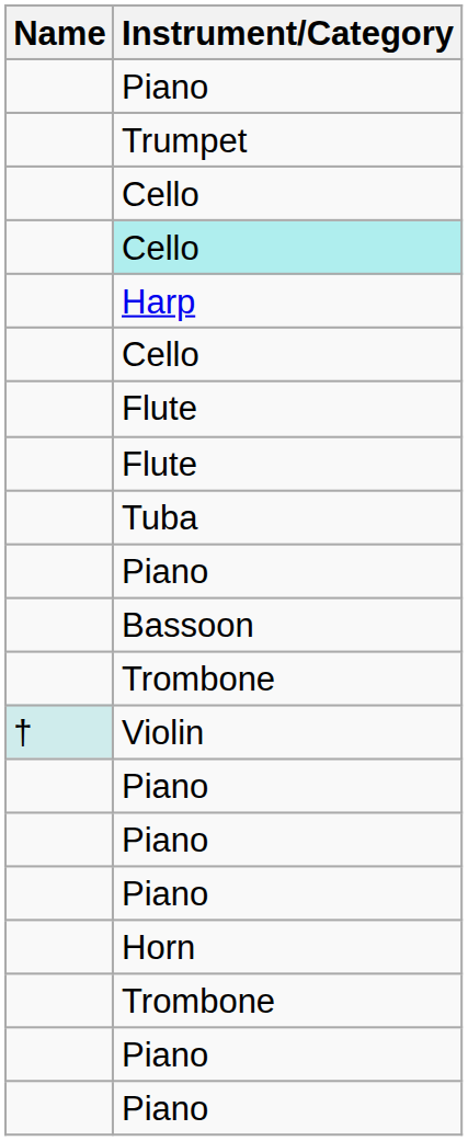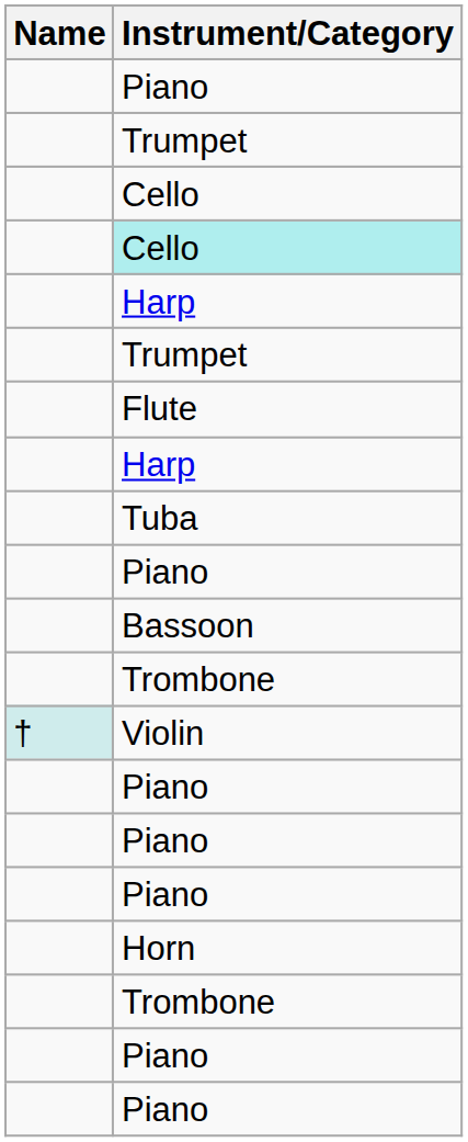 <table class="wikitable sortable" style="font-size: 95%">
 <tr>
 <th>Name</th>
 <th>Instrument/Category</th>
 </tr>
 <tr>
 <td></td>
 <td>Piano</td>
 </tr>
 <tr>
 <td></td>
 <td>Trumpet</td>
 </tr>
 <tr>
 <td></td>
 <td>Cello</td>
 </tr>
 <tr>
 <td></td>
 <td style="background: paleturquoise;">Cello</td>
 </tr>
 <tr>
 <td></td>
 <td><a href='#'>Harp</a></td>
 </tr>
 <tr>
 <td></td>
-<td>Cello</td>
+<td>Trumpet</td>
 </tr>
 <tr>
 <td></td>
 <td>Flute</td>
 </tr>
 <tr>
 <td></td>
-<td>Flute</td>
+<td><a href='#'>Harp</a></td>
 </tr>
 <tr>
 <td></td>
 <td>Tuba</td>
 </tr>
 <tr>
 <td></td>
 <td>Piano</td>
 </tr>
 <tr>
 <td></td>
 <td>Bassoon</td>
 </tr>
 <tr>
 <td></td>
 <td>Trombone</td>
 </tr>
 <tr>
 <td bgcolor="#CFECEC"><strong></strong>†</td>
 <td>Violin</td>
 </tr>
 <tr>
 <td></td>
 <td>Piano</td>
 </tr>
 <tr>
 <td><strong></strong></td>
 <td>Piano</td>
 </tr>
 <tr>
 <td></td>
 <td>Piano</td>
 </tr>
 <tr>
 <td><strong></strong></td>
 <td>Horn</td>
 </tr>
 <tr>
 <td><strong></strong></td>
 <td>Trombone</td>
 </tr>
 <tr>
 <td></td>
 <td>Piano</td>
 </tr>
 <tr>
 <td></td>
 <td>Piano</td>
 </tr>
 </table>
